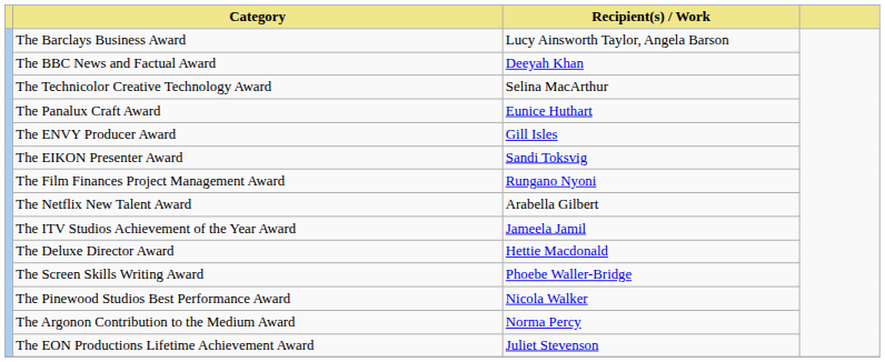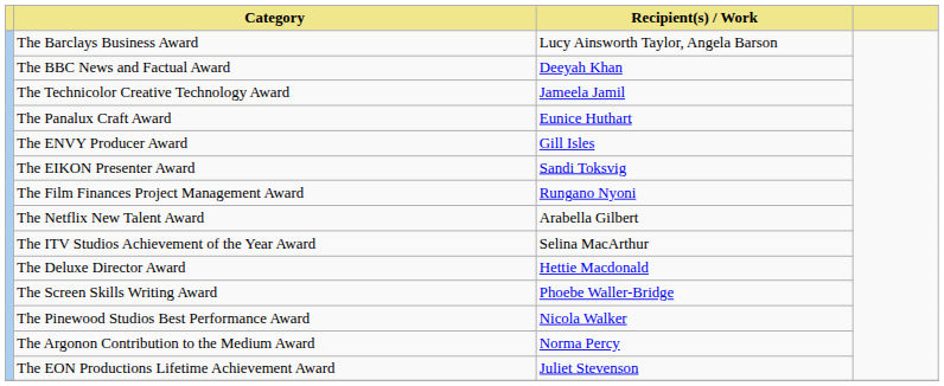 <table class="wikitable" width="70%" scope="col" style="text-align: left; font-size: 90%">
 <tr col>
 <th style="background:#F0E68C" width="1px"></th>
 <th style="background:#F0E68C" width="56%">Category</th>
 <th style="background:#F0E68C" width="34%">Recipient(s) / Work</th>
 <th style="background:#F0E68C" scope="col" class="unsortable"></th>
 </tr>
 <tr>
 <td rowspan="14"  style="background: #abcdef;"></td>
 <td scope="col" style="align:left">The Barclays Business Award</td>
 <td>Lucy Ainsworth Taylor,  Angela Barson</td>
 <td rowspan="14"></td>
 </tr>
 <tr>
 <td>The BBC News and Factual Award</td>
 <td><a href='#'>Deeyah Khan</a></td>
 </tr>
 <tr>
 <td>The Technicolor Creative Technology Award</td>
-<td>Selina MacArthur</td>
+<td><a href='#'>Jameela Jamil</a></td>
 </tr>
 <tr>
 <td>The Panalux Craft Award</td>
 <td><a href='#'>Eunice Huthart</a></td>
 </tr>
 <tr>
 <td>The ENVY Producer Award</td>
 <td><a href='#'>Gill Isles</a></td>
 </tr>
 <tr>
 <td>The EIKON Presenter Award</td>
 <td><a href='#'>Sandi Toksvig</a></td>
 </tr>
 <tr>
 <td>The Film Finances Project Management Award</td>
 <td><a href='#'>Rungano Nyoni</a></td>
 </tr>
 <tr>
 <td>The Netflix New Talent Award</td>
 <td>Arabella Gilbert</td>
 </tr>
 <tr>
 <td>The ITV Studios Achievement of the Year Award</td>
-<td><a href='#'>Jameela Jamil</a></td>
+<td>Selina MacArthur</td>
 </tr>
 <tr>
 <td>The Deluxe Director Award</td>
 <td><a href='#'>Hettie Macdonald</a></td>
 </tr>
 <tr>
 <td>The Screen Skills Writing Award</td>
 <td><a href='#'>Phoebe Waller-Bridge</a></td>
 </tr>
 <tr>
 <td>The Pinewood Studios Best Performance Award</td>
 <td><a href='#'>Nicola Walker</a></td>
 </tr>
 <tr>
 <td>The Argonon Contribution to the Medium Award</td>
 <td><a href='#'>Norma Percy</a></td>
 </tr>
 <tr>
 <td>The EON Productions Lifetime Achievement Award</td>
 <td><a href='#'>Juliet Stevenson</a></td>
 </tr>
 <tr>
 </tr>
 </table>
